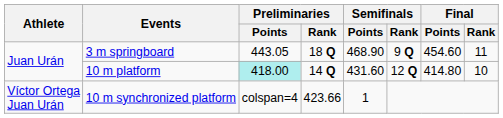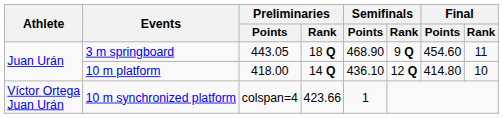 <table class=wikitable style="font-size:90%">
 <tr>
 <th rowspan="2">Athlete</th>
 <th rowspan="2">Events</th>
 <th colspan="2">Preliminaries</th>
 <th colspan="2">Semifinals</th>
 <th colspan="2">Final</th>
 </tr>
 <tr style="font-size:95%">
 <th>Points</th>
 <th>Rank</th>
 <th>Points</th>
 <th>Rank</th>
 <th>Points</th>
 <th>Rank</th>
 </tr>
 <tr align=center>
 <td align=left rowspan=2><a href='#'>Juan Urán</a></td>
 <td align=left><a href='#'>3 m springboard</a></td>
 <td>443.05</td>
 <td>18 <strong>Q</strong></td>
 <td>468.90</td>
 <td>9 <strong>Q</strong></td>
 <td>454.60</td>
 <td>11</td>
 </tr>
 <tr align=center>
 <td align=left><a href='#'>10 m platform</a></td>
-<td style="background: paleturquoise;">418.00</td>
+<td>418.00</td>
 <td>14 <strong>Q</strong></td>
-<td>431.60</td>
+<td>436.10</td>
 <td>12 <strong>Q</strong></td>
 <td>414.80</td>
 <td>10</td>
 </tr>
 <tr align=center>
 <td align=left><a href='#'>Víctor Ortega</a><br><a href='#'>Juan Urán</a></td>
 <td align=left><a href='#'>10 m synchronized platform</a></td>
 <td>colspan=4 </td>
 <td>423.66</td>
 <td>1</td>
 </tr>
 </table>
